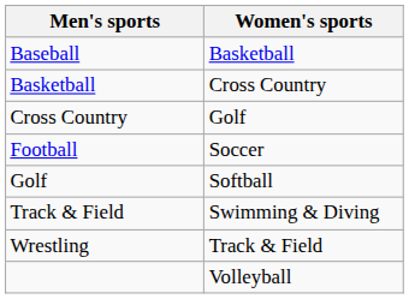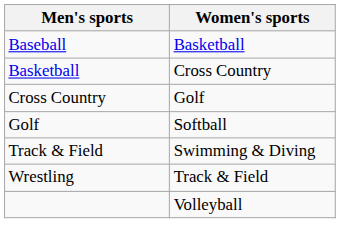 <table class="wikitable"; style= "text-align: ">
 <tr>
 <th width=150px>Men's sports</th>
 <th width=150px>Women's sports</th>
 </tr>
 <tr>
 <td><a href='#'>Baseball</a></td>
 <td><a href='#'>Basketball</a></td>
 </tr>
 <tr>
 <td><a href='#'>Basketball</a></td>
 <td>Cross Country</td>
 </tr>
 <tr>
 <td>Cross Country</td>
 <td>Golf</td>
 </tr>
 <tr>
-<td><a href='#'>Football</a></td>
-<td>Soccer</td>
-</tr>
-<tr>
 <td>Golf</td>
 <td>Softball</td>
 </tr>
 <tr>
 <td>Track & Field</td>
 <td>Swimming & Diving</td>
 </tr>
 <tr>
 <td>Wrestling</td>
 <td>Track & Field</td>
 </tr>
 <tr>
 <td></td>
 <td>Volleyball</td>
 </tr>
 </table>
